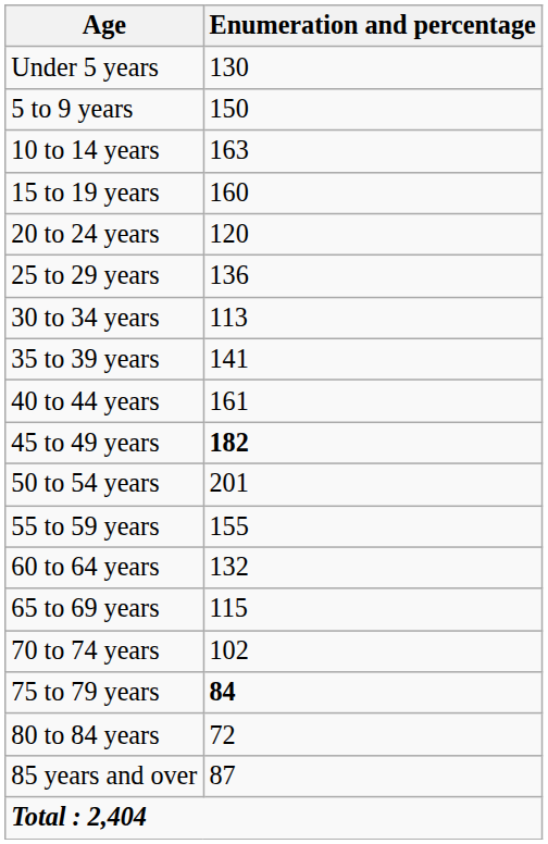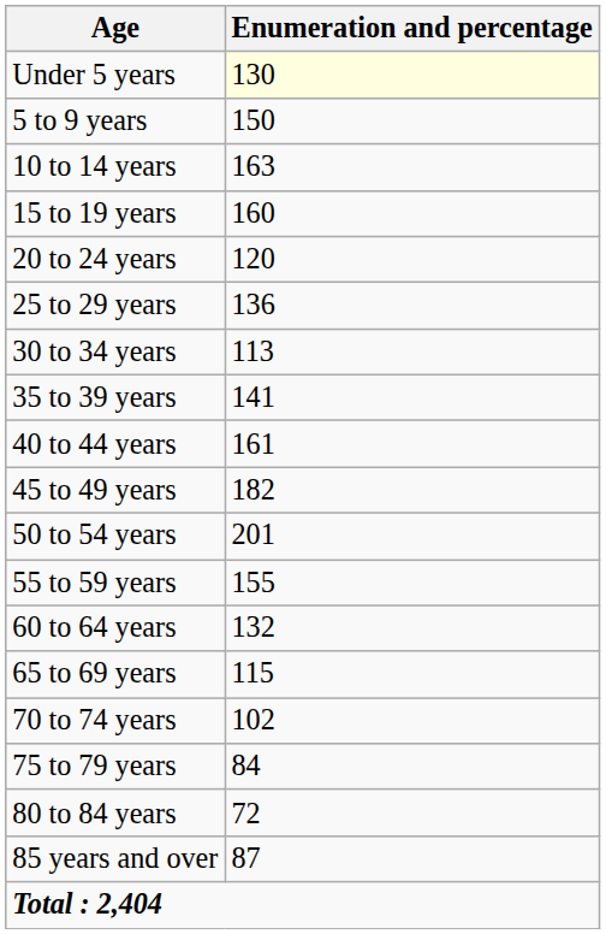 <table class="wikitable mw-collapsible mw-collapsed">
 <tr>
 <th>Age</th>
 <th>Enumeration and percentage</th>
 </tr>
 <tr>
 <td>Under 5 years</td>
-<td>130 </td>
+<td style="background: lightyellow;">130 </td>
 </tr>
 <tr>
 <td>5 to 9 years</td>
 <td>150 </td>
 </tr>
 <tr>
 <td>10 to 14 years</td>
 <td>163 </td>
 </tr>
 <tr>
 <td>15 to 19 years</td>
 <td>160</td>
 </tr>
 <tr>
 <td>20 to 24 years</td>
 <td>120</td>
 </tr>
 <tr>
 <td>25 to 29 years</td>
 <td>136</td>
 </tr>
 <tr>
 <td>30 to 34 years</td>
 <td>113</td>
 </tr>
 <tr>
 <td>35 to 39 years</td>
 <td>141</td>
 </tr>
 <tr>
 <td>40 to 44 years</td>
 <td>161</td>
 </tr>
 <tr>
 <td>45 to 49 years</td>
-<td><strong>182</strong></td>
+<td>182</td>
 </tr>
 <tr>
 <td>50 to 54 years</td>
 <td>201</td>
 </tr>
 <tr>
 <td>55 to 59 years</td>
 <td>155</td>
 </tr>
 <tr>
 <td>60 to 64 years</td>
 <td>132</td>
 </tr>
 <tr>
 <td>65 to 69 years</td>
 <td>115</td>
 </tr>
 <tr>
 <td>70 to 74 years</td>
 <td>102</td>
 </tr>
 <tr>
 <td>75 to 79 years</td>
-<td><strong>84</strong></td>
+<td>84</td>
 </tr>
 <tr>
 <td>80 to 84 years</td>
 <td>72</td>
 </tr>
 <tr>
 <td>85 years and over</td>
 <td>87</td>
 </tr>
 <tr>
 <td colspan="2"><strong><em>Total : 2,404</em></strong> </td>
 </tr>
 </table>
